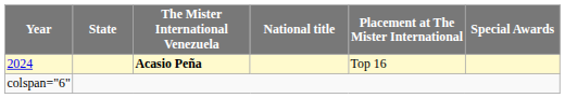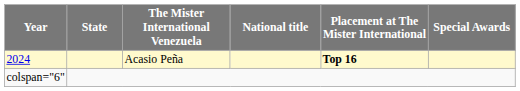 <table class="sortable" border="5" cellpadding="2" cellspacing="0" align=" 0 1em 0 0" style="background: #f9f9f9; border: 1px #aaa solid; border-collapse: collapse; font-size: 90%">
 <tr>
 <th width="60" style="background-color:#787878;color:#FFFFFF;">Year</th>
 <th width="150" style="background-color:#787878;color:#FFFFFF;">State</th>
 <th width="250" style="background-color:#787878;color:#FFFFFF;">The Mister International Venezuela</th>
 <th width="250" style="background-color:#787878;color:#FFFFFF;">National title</th>
 <th width="250" style="background-color:#787878;color:#FFFFFF;">Placement at The Mister International</th>
 <th width="250" style="background-color:#787878;color:#FFFFFF;">Special Awards</th>
 </tr>
 <tr bgcolor="#FFFACD">
 <td><a href='#'>2024</a></td>
 <td></td>
-<td><strong>Acasio Peña</strong></td>
+<td>Acasio Peña</td>
 <td></td>
-<td>Top 16</td>
+<td><strong>Top 16</strong></td>
 <td></td>
 </tr>
 <tr>
 <td>colspan="6" </td>
 </tr>
 </table>
